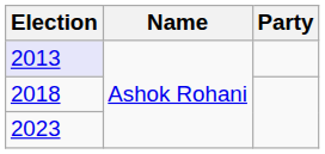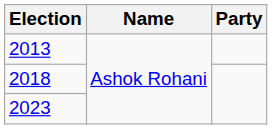 <table class="wikitable sortable">
 <tr>
 <th>Election</th>
 <th>Name</th>
 <th colspan=2>Party</th>
 </tr>
 <tr>
-<td style="background: lavender;"><a href='#'>2013</a></td>
+<td><a href='#'>2013</a></td>
 <td rowspan=3><a href='#'>Ashok Rohani</a></td>
 <td></td>
 </tr>
 <tr>
 <td><a href='#'>2018</a></td>
 </tr>
 <tr>
 <td><a href='#'>2023</a></td>
 </tr>
 </table>
